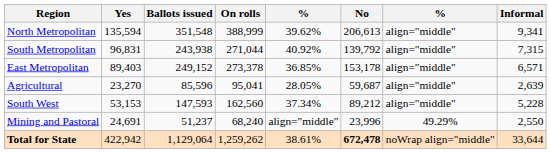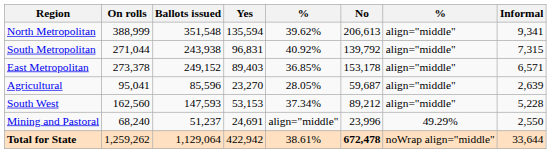 <table class="wikitable sortable">
 <tr>
 <th align="left">Region</th>
+<th align="right">On rolls</th>
+<th align="right">Ballots issued</th>
 <th align="middle">Yes </th>
-<th align="right">Ballots issued</th>
-<th align="right">On rolls</th>
 <th align="middle">%</th>
 <th align="middle">No </th>
 <th align="middle">%</th>
 <th align="right">Informal</th>
 </tr>
 <tr>
 <td><a href='#'>North Metropolitan</a></td>
+<td align="right">388,999</td>
+<td align="right">351,548</td>
 <td align="right">135,594</td>
-<td align="right">351,548</td>
-<td align="right">388,999</td>
 <td align="middle">39.62%</td>
 <td align="right">206,613</td>
 <td>align="middle" </td>
 <td align="right">9,341</td>
 </tr>
 <tr>
 <td><a href='#'>South Metropolitan</a></td>
+<td align="right">271,044</td>
+<td align="right">243,938</td>
 <td align="right">96,831</td>
-<td align="right">243,938</td>
-<td align="right">271,044</td>
 <td align="middle">40.92%</td>
 <td align="right">139,792</td>
 <td>align="middle" </td>
 <td align="right">7,315</td>
 </tr>
 <tr>
 <td><a href='#'>East Metropolitan</a></td>
+<td align="right">273,378</td>
+<td align="right">249,152</td>
 <td align="right">89,403</td>
-<td align="right">249,152</td>
-<td align="right">273,378</td>
 <td align="middle">36.85%</td>
 <td align="right">153,178</td>
 <td>align="middle" </td>
 <td align="right">6,571</td>
 </tr>
 <tr>
 <td><a href='#'>Agricultural</a></td>
+<td align="right">95,041</td>
+<td align="right">85,596</td>
 <td align="right">23,270</td>
-<td align="right">85,596</td>
-<td align="right">95,041</td>
 <td align="middle">28.05%</td>
 <td align="right">59,687</td>
 <td>align="middle" </td>
 <td align="right">2,639</td>
 </tr>
 <tr>
 <td><a href='#'>South West</a></td>
+<td align="right">162,560</td>
+<td align="right">147,593</td>
 <td align="right">53,153</td>
-<td align="right">147,593</td>
-<td align="right">162,560</td>
 <td align="middle">37.34%</td>
 <td align="right">89,212</td>
 <td>align="middle" </td>
 <td align="right">5,228</td>
 </tr>
 <tr>
 <td><a href='#'>Mining and Pastoral</a></td>
+<td align="right">68,240</td>
+<td align="right">51,237</td>
 <td align="right">24,691</td>
-<td align="right">51,237</td>
-<td align="right">68,240</td>
 <td>align="middle" </td>
 <td align="right">23,996</td>
 <td align="middle">49.29%</td>
 <td align="right">2,550</td>
 </tr>
 <tr bgcolor=#FFE0C0>
 <td><strong>Total for State</strong></td>
+<td noWrap align="right">1,259,262</td>
+<td noWrap align="right">1,129,064</td>
 <td noWrap align="right">422,942</td>
-<td noWrap align="right">1,129,064</td>
-<td noWrap align="right">1,259,262</td>
 <td noWrap align="middle">38.61%</td>
 <td noWrap align="right"><strong>672,478</strong></td>
 <td>noWrap align="middle" </td>
 <td noWrap align="right">33,644</td>
 </tr>
 </table>
